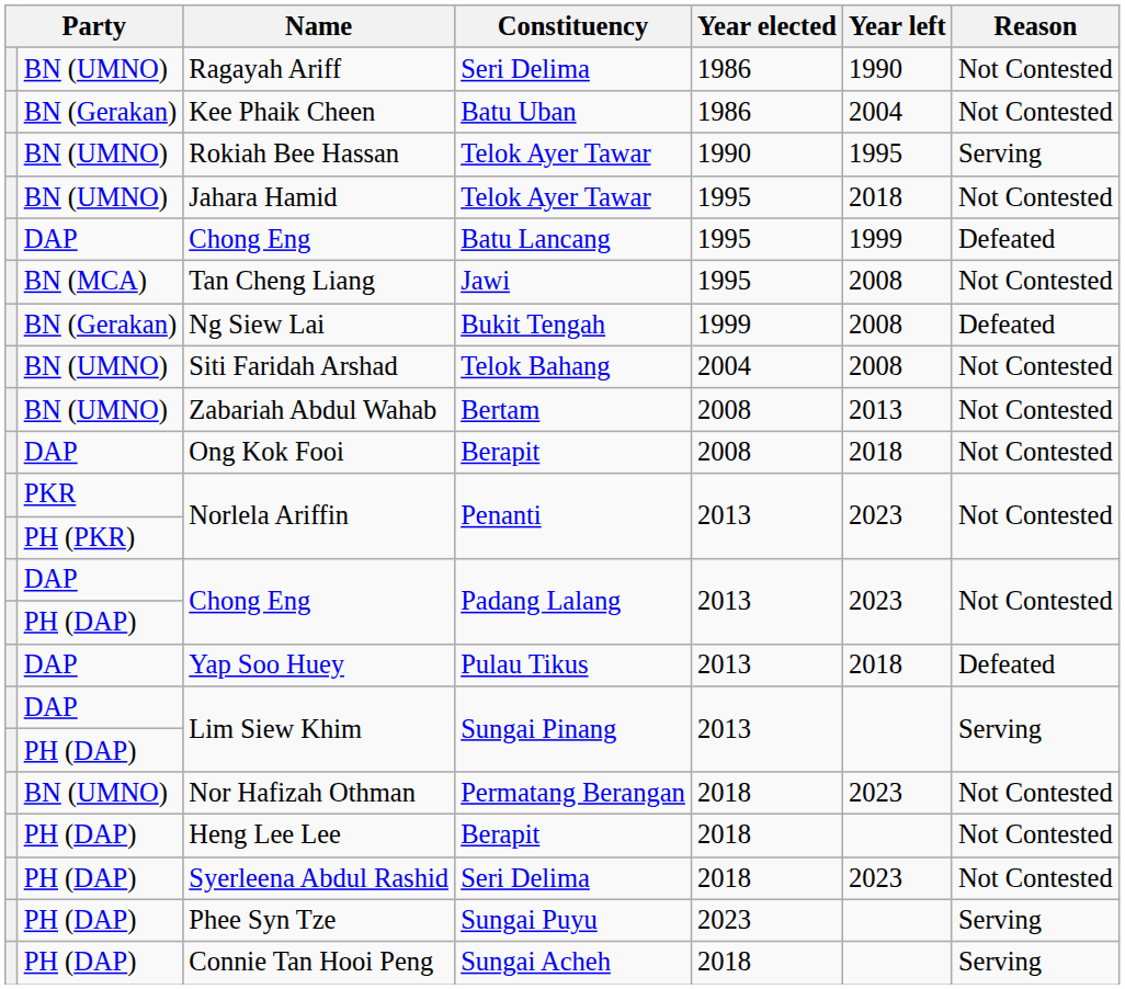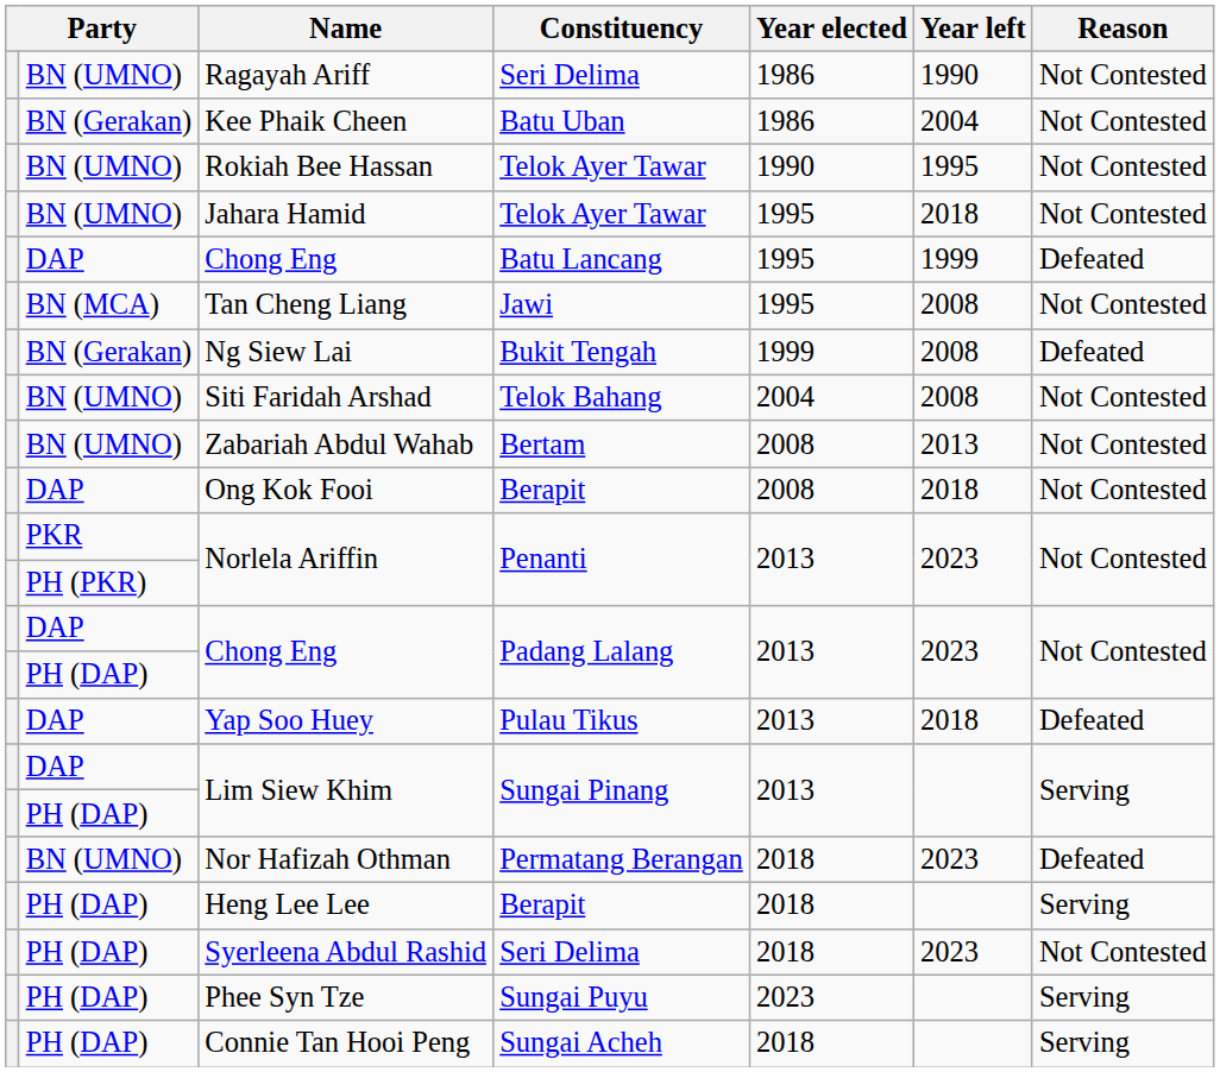 <table class="wikitable sortable">
 <tr>
 <th colspan=2>Party</th>
 <th>Name</th>
 <th>Constituency</th>
 <th>Year elected</th>
 <th>Year left</th>
 <th>Reason</th>
 </tr>
 <tr>
 <th style="background-color: "></th>
 <td><a href='#'>BN</a> (<a href='#'>UMNO</a>)</td>
 <td>Ragayah Ariff</td>
 <td><a href='#'>Seri Delima</a></td>
 <td>1986</td>
 <td>1990</td>
 <td>Not Contested</td>
 </tr>
 <tr>
 <th style="background-color: "></th>
 <td><a href='#'>BN</a> (<a href='#'>Gerakan</a>)</td>
 <td>Kee Phaik Cheen</td>
 <td><a href='#'>Batu Uban</a></td>
 <td>1986</td>
 <td>2004</td>
 <td>Not Contested</td>
 </tr>
 <tr>
 <th style="background-color: "></th>
 <td><a href='#'>BN</a> (<a href='#'>UMNO</a>)</td>
 <td>Rokiah Bee Hassan</td>
 <td><a href='#'>Telok Ayer Tawar</a></td>
 <td>1990</td>
 <td>1995</td>
-<td>Serving</td>
+<td>Not Contested</td>
 </tr>
 <tr>
 <th style="background-color: "></th>
 <td><a href='#'>BN</a> (<a href='#'>UMNO</a>)</td>
 <td>Jahara Hamid</td>
 <td><a href='#'>Telok Ayer Tawar</a></td>
 <td>1995</td>
 <td>2018</td>
 <td>Not Contested</td>
 </tr>
 <tr>
 <th style="background-color: "></th>
 <td><a href='#'>DAP</a></td>
 <td><a href='#'>Chong Eng</a></td>
 <td><a href='#'>Batu Lancang</a></td>
 <td>1995</td>
 <td>1999</td>
 <td>Defeated</td>
 </tr>
 <tr>
 <th style="background-color: "></th>
 <td><a href='#'>BN</a> (<a href='#'>MCA</a>)</td>
 <td>Tan Cheng Liang</td>
 <td><a href='#'>Jawi</a></td>
 <td>1995</td>
 <td>2008</td>
 <td>Not Contested</td>
 </tr>
 <tr>
 <th style="background-color: "></th>
 <td><a href='#'>BN</a> (<a href='#'>Gerakan</a>)</td>
 <td>Ng Siew Lai</td>
 <td><a href='#'>Bukit Tengah</a></td>
 <td>1999</td>
 <td>2008</td>
 <td>Defeated</td>
 </tr>
 <tr>
 <th style="background-color: "></th>
 <td><a href='#'>BN</a> (<a href='#'>UMNO</a>)</td>
 <td>Siti Faridah Arshad</td>
 <td><a href='#'>Telok Bahang</a></td>
 <td>2004</td>
 <td>2008</td>
 <td>Not Contested</td>
 </tr>
 <tr>
 <th style="background-color: "></th>
 <td><a href='#'>BN</a> (<a href='#'>UMNO</a>)</td>
 <td>Zabariah Abdul Wahab</td>
 <td><a href='#'>Bertam</a></td>
 <td>2008</td>
 <td>2013</td>
 <td>Not Contested</td>
 </tr>
 <tr>
 <th style="background-color: "></th>
 <td><a href='#'>DAP</a></td>
 <td>Ong Kok Fooi</td>
 <td><a href='#'>Berapit</a></td>
 <td>2008</td>
 <td>2018</td>
 <td>Not Contested</td>
 </tr>
 <tr>
 <th style="background-color: "></th>
 <td><a href='#'>PKR</a></td>
 <td rowspan=2>Norlela Ariffin</td>
 <td rowspan=2><a href='#'>Penanti</a></td>
 <td rowspan=2>2013</td>
 <td rowspan=2>2023</td>
 <td rowspan=2>Not Contested</td>
 </tr>
 <tr>
 <th style="background-color: "></th>
 <td><a href='#'>PH</a> (<a href='#'>PKR</a>)</td>
 </tr>
 <tr>
 <th style="background-color: "></th>
 <td><a href='#'>DAP</a></td>
 <td rowspan=2><a href='#'>Chong Eng</a></td>
 <td rowspan=2><a href='#'>Padang Lalang</a></td>
 <td rowspan=2>2013</td>
 <td rowspan=2>2023</td>
 <td rowspan=2>Not Contested</td>
 </tr>
 <tr>
 <th style="background-color: "></th>
 <td><a href='#'>PH</a> (<a href='#'>DAP</a>)</td>
 </tr>
 <tr>
 <th style="background-color: "></th>
 <td><a href='#'>DAP</a></td>
 <td><a href='#'>Yap Soo Huey</a></td>
 <td><a href='#'>Pulau Tikus</a></td>
 <td>2013</td>
 <td>2018</td>
 <td>Defeated</td>
 </tr>
 <tr>
 <th style="background-color: "></th>
 <td><a href='#'>DAP</a></td>
 <td rowspan=2>Lim Siew Khim</td>
 <td rowspan=2><a href='#'>Sungai Pinang</a></td>
 <td rowspan=2>2013</td>
 <td rowspan=2></td>
 <td rowspan=2>Serving</td>
 </tr>
 <tr>
 <th style="background-color: "></th>
 <td><a href='#'>PH</a> (<a href='#'>DAP</a>)</td>
 </tr>
 <tr>
 <th style="background-color: "></th>
 <td><a href='#'>BN</a> (<a href='#'>UMNO</a>)</td>
 <td>Nor Hafizah Othman</td>
 <td><a href='#'>Permatang Berangan</a></td>
 <td>2018</td>
 <td>2023</td>
-<td>Not Contested</td>
+<td>Defeated</td>
 </tr>
 <tr>
 <th style="background-color: "></th>
 <td><a href='#'>PH</a> (<a href='#'>DAP</a>)</td>
 <td>Heng Lee Lee</td>
 <td><a href='#'>Berapit</a></td>
 <td>2018</td>
 <td></td>
-<td>Not Contested</td>
+<td>Serving</td>
 </tr>
 <tr>
 <th style="background-color: "></th>
 <td><a href='#'>PH</a> (<a href='#'>DAP</a>)</td>
 <td><a href='#'>Syerleena Abdul Rashid</a></td>
 <td><a href='#'>Seri Delima</a></td>
 <td>2018</td>
 <td>2023</td>
 <td>Not Contested</td>
 </tr>
 <tr>
 <th style="background-color: "></th>
 <td><a href='#'>PH</a> (<a href='#'>DAP</a>)</td>
 <td>Phee Syn Tze</td>
 <td><a href='#'>Sungai Puyu</a></td>
 <td>2023</td>
 <td></td>
 <td>Serving</td>
 </tr>
 <tr>
 <th style="background-color: "></th>
 <td><a href='#'>PH</a> (<a href='#'>DAP</a>)</td>
 <td>Connie Tan Hooi Peng</td>
 <td><a href='#'>Sungai Acheh</a></td>
 <td>2018</td>
 <td></td>
 <td>Serving</td>
 </tr>
 </table>
